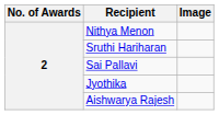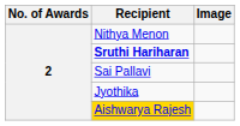 <table class="wikitable">
 <tr>
 <th>No. of Awards</th>
 <th>Recipient</th>
 <th>Image</th>
 </tr>
 <tr>
 <th rowspan=5>2</th>
 <td><a href='#'>Nithya Menon</a></td>
 <td></td>
 </tr>
 <tr>
-<td><a href='#'>Sruthi Hariharan</a></td>
+<td><strong><a href='#'>Sruthi Hariharan</a></strong></td>
 <td></td>
 </tr>
 <tr>
 <td><a href='#'>Sai Pallavi</a></td>
 <td></td>
 </tr>
 <tr>
 <td><a href='#'>Jyothika</a></td>
 <td></td>
 </tr>
 <tr>
-<td><a href='#'>Aishwarya Rajesh</a></td>
+<td style="background: gold;"><a href='#'>Aishwarya Rajesh</a></td>
 <td></td>
 </tr>
 </table>
